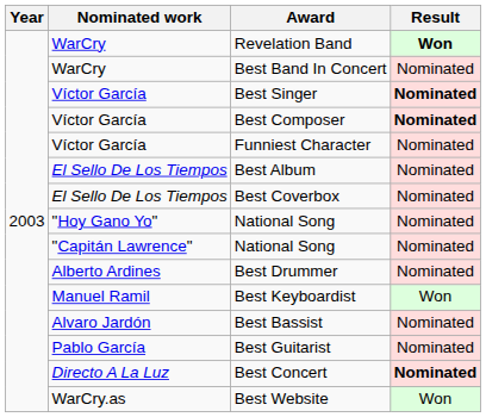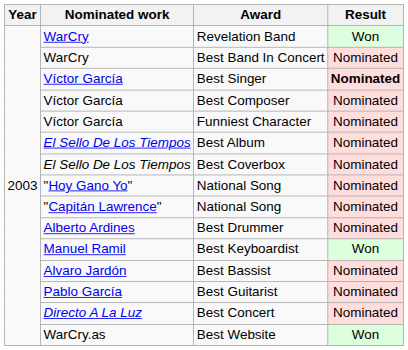 <table class="wikitable">
 <tr>
 <th>Year</th>
 <th>Nominated work</th>
 <th>Award</th>
 <th>Result</th>
 </tr>
 <tr>
 <td rowspan="15">2003</td>
 <td><a href='#'>WarCry</a></td>
 <td>Revelation Band</td>
-<td align="center" style="background: #ddffdd"><strong>Won</strong></td>
+<td align="center" style="background: #ddffdd">Won</td>
 </tr>
 <tr>
 <td>WarCry</td>
 <td>Best Band In Concert</td>
 <td align="center" style="background: #ffdddd">Nominated</td>
 </tr>
 <tr>
 <td><a href='#'>Víctor García</a></td>
 <td>Best Singer</td>
 <td align="center" style="background: #ffdddd"><strong>Nominated</strong></td>
 </tr>
 <tr>
 <td>Víctor García</td>
 <td>Best Composer</td>
-<td align="center" style="background: #ffdddd"><strong>Nominated</strong></td>
+<td align="center" style="background: #ffdddd">Nominated</td>
 </tr>
 <tr>
 <td>Víctor García</td>
 <td>Funniest Character</td>
 <td align="center" style="background: #ffdddd">Nominated</td>
 </tr>
 <tr>
 <td><em><a href='#'>El Sello De Los Tiempos</a></em></td>
 <td>Best Album</td>
 <td align="center" style="background: #ffdddd">Nominated</td>
 </tr>
 <tr>
 <td><em>El Sello De Los Tiempos</em></td>
 <td>Best Coverbox</td>
 <td align="center" style="background: #ffdddd">Nominated</td>
 </tr>
 <tr>
 <td>"<a href='#'>Hoy Gano Yo</a>"</td>
 <td>National Song</td>
 <td align="center" style="background: #ffdddd">Nominated</td>
 </tr>
 <tr>
 <td>"<a href='#'>Capitán Lawrence</a>"</td>
 <td>National Song</td>
 <td align="center" style="background: #ffdddd">Nominated</td>
 </tr>
 <tr>
 <td><a href='#'>Alberto Ardines</a></td>
 <td>Best Drummer</td>
 <td align="center" style="background: #ffdddd">Nominated</td>
 </tr>
 <tr>
 <td><a href='#'>Manuel Ramil</a></td>
 <td>Best Keyboardist</td>
 <td align="center" style="background: #ddffdd">Won</td>
 </tr>
 <tr>
 <td><a href='#'>Alvaro Jardón</a></td>
 <td>Best Bassist</td>
 <td align="center" style="background: #ffdddd">Nominated</td>
 </tr>
 <tr>
 <td><a href='#'>Pablo García</a></td>
 <td>Best Guitarist</td>
 <td align="center" style="background: #ffdddd">Nominated</td>
 </tr>
 <tr>
 <td><em><a href='#'>Directo A La Luz</a></em></td>
 <td>Best Concert</td>
-<td align="center" style="background: #ffdddd"><strong>Nominated</strong></td>
+<td align="center" style="background: #ffdddd">Nominated</td>
 </tr>
 <tr>
 <td>WarCry.as</td>
 <td>Best Website</td>
 <td align="center" style="background: #ddffdd">Won</td>
 </tr>
 </table>
